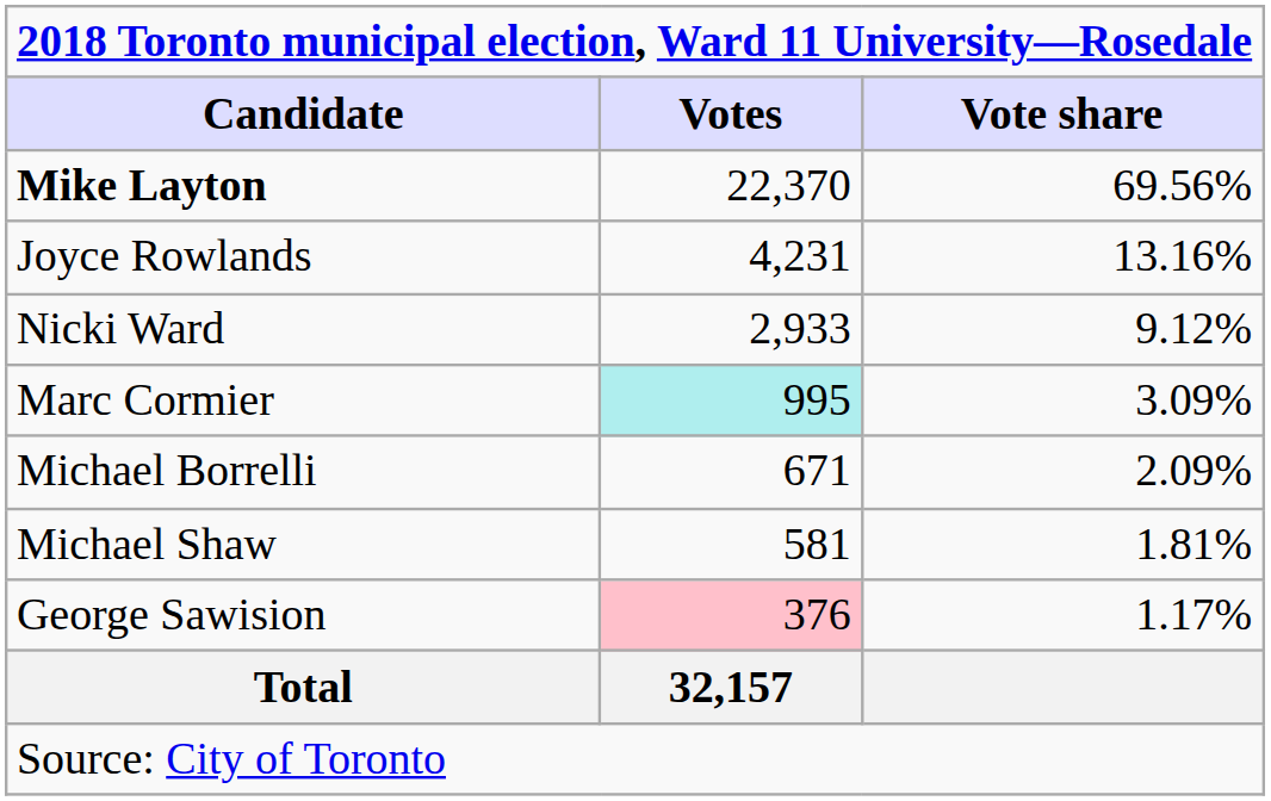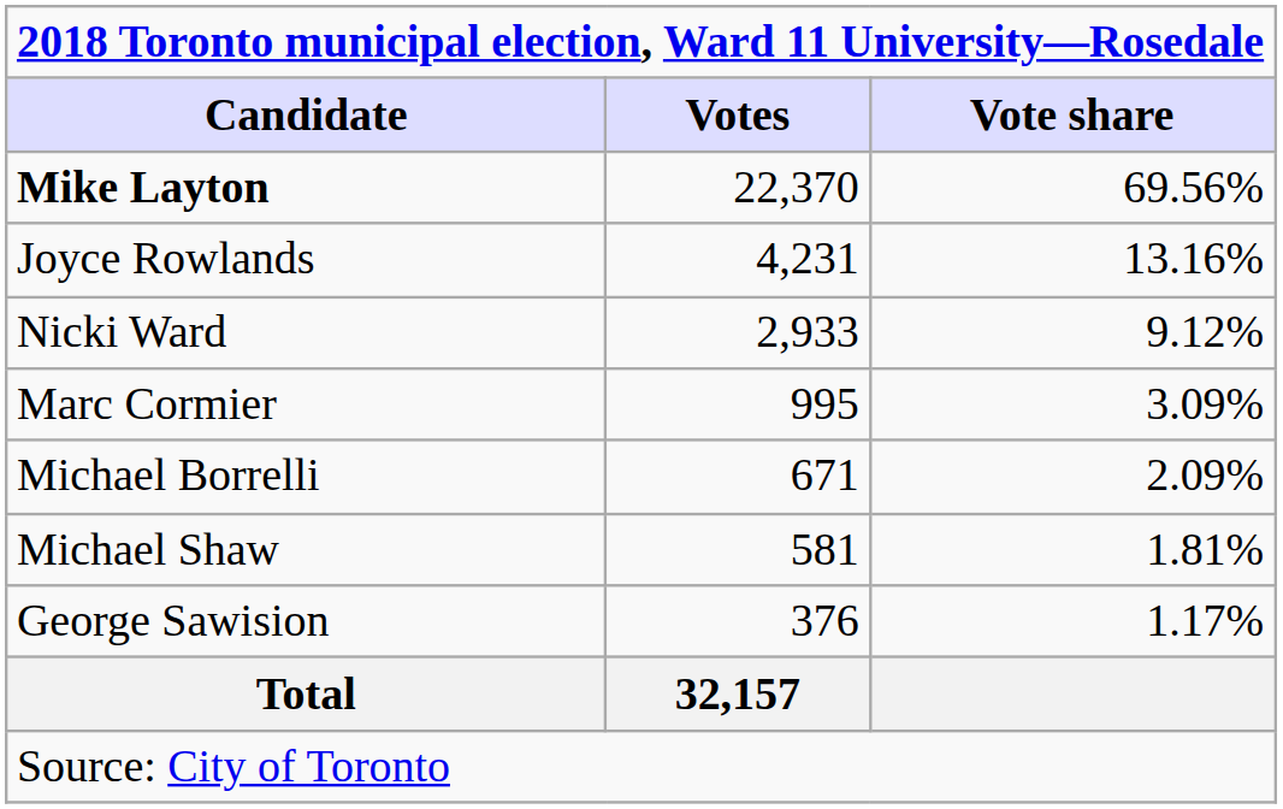 <table class="wikitable plainrowheaders">
 <tr>
 <td colspan="3"><strong><a href='#'>2018 Toronto municipal election</a>, <a href='#'>Ward 11 University—Rosedale</a></strong></td>
 </tr>
 <tr>
 <th scope="col" style="background:#ddf;">Candidate</th>
 <th scope="col" style="background:#ddf;">Votes</th>
 <th scope="col" style="background:#ddf;">Vote share</th>
 </tr>
 <tr>
 <td scope="row"><strong>Mike Layton</strong></td>
 <td align="right">22,370</td>
 <td align="right">69.56%</td>
 </tr>
 <tr>
 <td scope="row">Joyce Rowlands</td>
 <td align="right">4,231</td>
 <td align="right">13.16%</td>
 </tr>
 <tr>
 <td scope="row">Nicki Ward</td>
 <td align="right">2,933</td>
 <td align="right">9.12%</td>
 </tr>
 <tr>
 <td scope="row">Marc Cormier</td>
-<td align="right" style="background: paleturquoise;">995</td>
+<td align="right">995</td>
 <td align="right">3.09%</td>
 </tr>
 <tr>
 <td scope="row">Michael Borrelli</td>
 <td align="right">671</td>
 <td align="right">2.09%</td>
 </tr>
 <tr>
 <td scope="row">Michael Shaw</td>
 <td align="right">581</td>
 <td align="right">1.81%</td>
 </tr>
 <tr>
 <td scope="row">George Sawision</td>
-<td align="right" style="background: pink;">376</td>
+<td align="right">376</td>
 <td align="right">1.17%</td>
 </tr>
 <tr>
 <th scope="row"><strong>Total</strong></th>
 <th align="right">32,157</th>
 <th align="right"></th>
 </tr>
 <tr>
 <td colspan="3">Source: <a href='#'>City of Toronto</a></td>
 </tr>
 </table>
